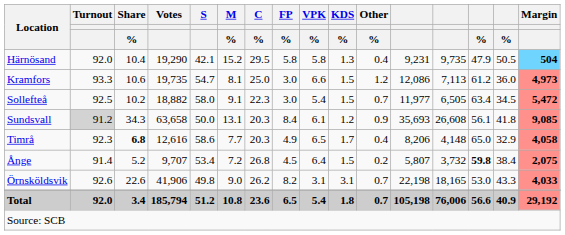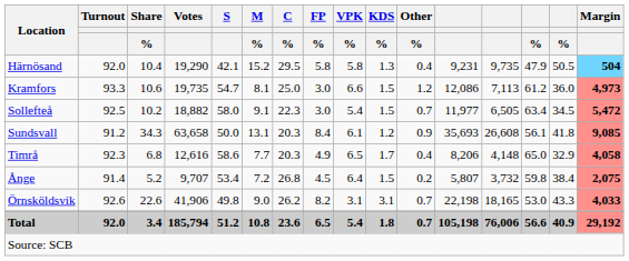 <table class="wikitable sortable" style="text-align:right; font-size:95%; line-height:20px;">
 <tr>
 <th rowspan="3">Location</th>
 <th>Turnout</th>
 <th>Share</th>
 <th>Votes</th>
 <th width="30px" class="unsortable"><a href='#'>S</a></th>
 <th width="30px" class="unsortable"><a href='#'>M</a></th>
 <th width="30px" class="unsortable"><a href='#'>C</a></th>
 <th width="30px" class="unsortable"><a href='#'>FP</a></th>
 <th width="30px" class="unsortable"><a href='#'>VPK</a></th>
 <th width="30px" class="unsortable"><a href='#'>KDS</a></th>
 <th width="30px" class="unsortable">Other</th>
 <th></th>
 <th></th>
 <th></th>
 <th></th>
 <th>Margin</th>
 </tr>
 <tr>
 <th></th>
 <th></th>
 <th></th>
 <th style="background:"></th>
 <th style="background:"></th>
 <th style="background:"></th>
 <th style="background:"></th>
 <th style="background:"></th>
 <th style="background:"></th>
 <th style="background:"></th>
 <th style="background:"></th>
 <th style="background:"></th>
 <th style="background:"></th>
 <th style="background:"></th>
 <th></th>
 </tr>
 <tr>
 <th></th>
 <th data-sort-type="number">%</th>
 <th data-sort-type="number"></th>
 <th></th>
 <th data-sort-type="number">%</th>
 <th data-sort-type="number">%</th>
 <th data-sort-type="number">%</th>
 <th data-sort-type="number">%</th>
 <th data-sort-type="number">%</th>
 <th data-sort-type="number">%</th>
 <th data-sort-type="number"></th>
 <th data-sort-type="number"></th>
 <th data-sort-type="number">%</th>
 <th data-sort-type="number">%</th>
 <th data-sort-type="number"></th>
 </tr>
 <tr>
 <td align=left><a href='#'>Härnösand</a></td>
 <td>92.0</td>
 <td>10.4</td>
 <td>19,290</td>
 <td>42.1</td>
 <td>15.2</td>
 <td>29.5</td>
 <td>5.8</td>
 <td>5.8</td>
 <td>1.3</td>
 <td>0.4</td>
 <td>9,231</td>
 <td>9,735</td>
 <td>47.9</td>
 <td>50.5</td>
 <td bgcolor=#6fd5fe><strong>504</strong></td>
 </tr>
 <tr>
 <td align=left><a href='#'>Kramfors</a></td>
 <td>93.3</td>
 <td>10.6</td>
 <td>19,735</td>
 <td>54.7</td>
 <td>8.1</td>
 <td>25.0</td>
 <td>3.0</td>
 <td>6.6</td>
 <td>1.5</td>
 <td>1.2</td>
 <td>12,086</td>
 <td>7,113</td>
 <td>61.2</td>
 <td>36.0</td>
 <td bgcolor=#ff908c><strong>4,973</strong></td>
 </tr>
 <tr>
 <td align=left><a href='#'>Sollefteå</a></td>
 <td>92.5</td>
 <td>10.2</td>
 <td>18,882</td>
 <td>58.0</td>
 <td>9.1</td>
 <td>22.3</td>
 <td>3.0</td>
 <td>5.4</td>
 <td>1.5</td>
 <td>0.7</td>
 <td>11,977</td>
 <td>6,505</td>
 <td>63.4</td>
 <td>34.5</td>
 <td bgcolor=#ff908c><strong>5,472</strong></td>
 </tr>
 <tr>
 <td align=left><a href='#'>Sundsvall</a></td>
-<td style="background: lightgrey;">91.2</td>
+<td>91.2</td>
 <td>34.3</td>
 <td>63,658</td>
 <td>50.0</td>
 <td>13.1</td>
 <td>20.3</td>
 <td>8.4</td>
 <td>6.1</td>
 <td>1.2</td>
 <td>0.9</td>
 <td>35,693</td>
 <td>26,608</td>
 <td>56.1</td>
 <td>41.8</td>
 <td bgcolor=#ff908c><strong>9,085</strong></td>
 </tr>
 <tr>
 <td align=left><a href='#'>Timrå</a></td>
 <td>92.3</td>
-<td><strong>6.8</strong></td>
+<td>6.8</td>
 <td>12,616</td>
 <td>58.6</td>
 <td>7.7</td>
 <td>20.3</td>
 <td>4.9</td>
 <td>6.5</td>
 <td>1.7</td>
 <td>0.4</td>
 <td>8,206</td>
 <td>4,148</td>
 <td>65.0</td>
 <td>32.9</td>
 <td bgcolor=#ff908c><strong>4,058</strong></td>
 </tr>
 <tr>
 <td align=left><a href='#'>Ånge</a></td>
 <td>91.4</td>
 <td>5.2</td>
 <td>9,707</td>
 <td>53.4</td>
 <td>7.2</td>
 <td>26.8</td>
 <td>4.5</td>
 <td>6.4</td>
 <td>1.5</td>
 <td>0.2</td>
 <td>5,807</td>
 <td>3,732</td>
-<td><strong>59.8</strong></td>
+<td>59.8</td>
 <td>38.4</td>
 <td bgcolor=#ff908c><strong>2,075</strong></td>
 </tr>
 <tr>
 <td align=left><a href='#'>Örnsköldsvik</a></td>
 <td>92.6</td>
 <td>22.6</td>
 <td>41,906</td>
 <td>49.8</td>
 <td>9.0</td>
 <td>26.2</td>
 <td>8.2</td>
 <td>3.1</td>
 <td>3.1</td>
 <td>0.7</td>
 <td>22,198</td>
 <td>18,165</td>
 <td>53.0</td>
 <td>43.3</td>
 <td bgcolor=#ff908c><strong>4,033</strong></td>
 </tr>
 <tr>
 </tr>
 <tr style="background:#CDCDCD;">
 <td align=left><strong>Total</strong></td>
 <td><strong>92.0</strong></td>
 <td><strong>3.4</strong></td>
 <td><strong>185,794</strong></td>
 <td><strong>51.2</strong></td>
 <td><strong>10.8</strong></td>
 <td><strong>23.6</strong></td>
 <td><strong>6.5</strong></td>
 <td><strong>5.4</strong></td>
 <td><strong>1.8</strong></td>
 <td><strong>0.7</strong></td>
 <td><strong>105,198</strong></td>
 <td><strong>76,006</strong></td>
 <td><strong>56.6</strong></td>
 <td><strong>40.9</strong></td>
 <td bgcolor=#ff908c><strong>29,192</strong></td>
 </tr>
 <tr>
 <td align=left colspan=16>Source: SCB </td>
 </tr>
 </table>
